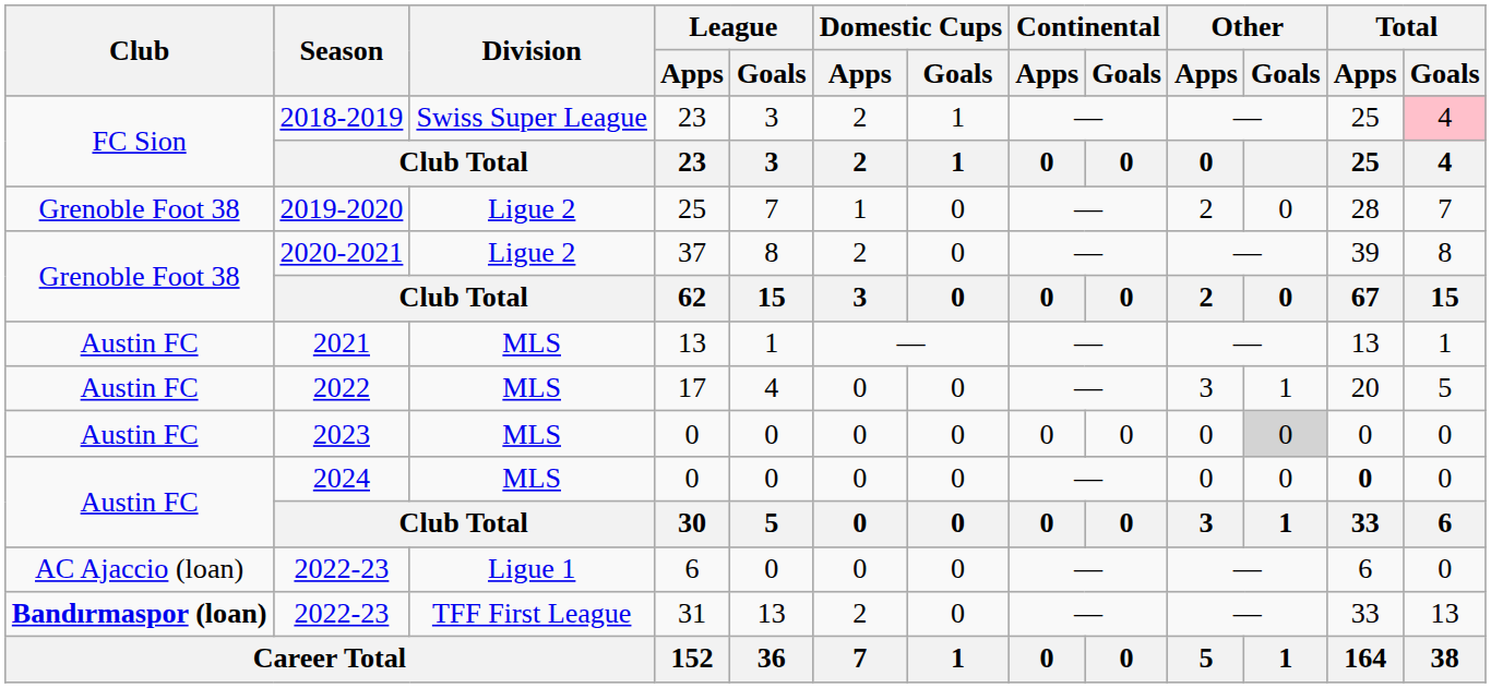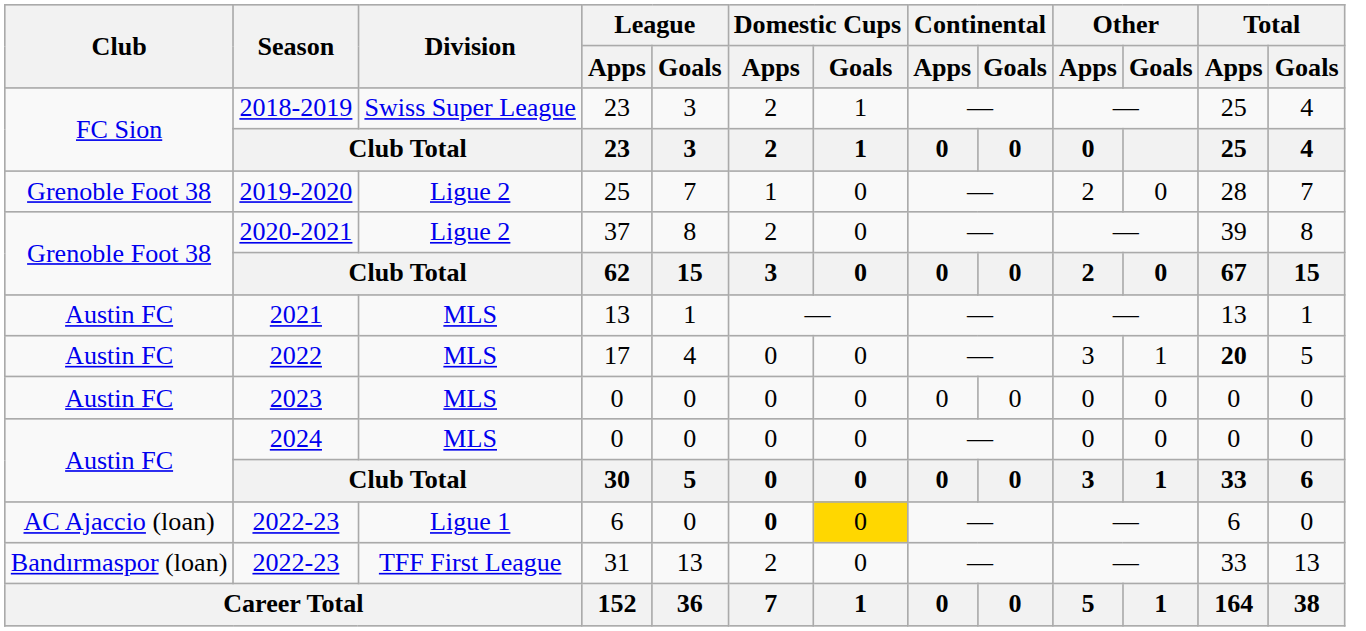 <table class="wikitable" style="text-align:center">
 <tr>
 <th rowspan="2">Club</th>
 <th rowspan="2">Season</th>
 <th rowspan="2">Division</th>
 <th colspan="2">League</th>
 <th colspan="2">Domestic Cups</th>
 <th colspan="2">Continental</th>
 <th colspan="2">Other</th>
 <th colspan="2">Total</th>
 </tr>
 <tr>
 <th>Apps</th>
 <th>Goals</th>
 <th>Apps</th>
 <th>Goals</th>
 <th>Apps</th>
 <th>Goals</th>
 <th>Apps</th>
 <th>Goals</th>
 <th>Apps</th>
 <th>Goals</th>
 </tr>
 <tr>
 <td rowspan=2><a href='#'>FC Sion</a></td>
 <td><a href='#'>2018-2019</a></td>
 <td><a href='#'>Swiss Super League</a></td>
 <td>23</td>
 <td>3</td>
 <td>2</td>
 <td>1</td>
 <td colspan=2>—</td>
 <td colspan=2>—</td>
 <td>25</td>
-<td style="background: pink;">4</td>
+<td>4</td>
 </tr>
 <tr>
 <th colspan=2>Club Total</th>
 <th>23</th>
 <th>3</th>
 <th>2</th>
 <th>1</th>
 <th>0</th>
 <th>0</th>
 <th>0</th>
 <th></th>
 <th>25</th>
 <th>4</th>
 </tr>
 <tr>
 <td><a href='#'>Grenoble Foot 38</a></td>
 <td><a href='#'>2019-2020</a></td>
 <td><a href='#'>Ligue 2</a></td>
 <td>25</td>
 <td>7</td>
 <td>1</td>
 <td>0</td>
 <td colspan=2>—</td>
 <td>2</td>
 <td>0</td>
 <td>28</td>
 <td>7</td>
 </tr>
 <tr>
 <td rowspan=2><a href='#'>Grenoble Foot 38</a></td>
 <td><a href='#'>2020-2021</a></td>
 <td><a href='#'>Ligue 2</a></td>
 <td>37</td>
 <td>8</td>
 <td>2</td>
 <td>0</td>
 <td colspan=2>—</td>
 <td colspan=2>—</td>
 <td>39</td>
 <td>8</td>
 </tr>
 <tr>
 <th colspan=2>Club Total</th>
 <th>62</th>
 <th>15</th>
 <th>3</th>
 <th>0</th>
 <th>0</th>
 <th>0</th>
 <th>2</th>
 <th>0</th>
 <th>67</th>
 <th>15</th>
 </tr>
 <tr>
 <td><a href='#'>Austin FC</a></td>
 <td><a href='#'>2021</a></td>
 <td><a href='#'>MLS</a></td>
 <td>13</td>
 <td>1</td>
 <td colspan=2>—</td>
 <td colspan=2>—</td>
 <td colspan=2>—</td>
 <td>13</td>
 <td>1</td>
 </tr>
 <tr>
 <td><a href='#'>Austin FC</a></td>
 <td><a href='#'>2022</a></td>
 <td><a href='#'>MLS</a></td>
 <td>17</td>
 <td>4</td>
 <td>0</td>
 <td>0</td>
 <td colspan=2>—</td>
 <td>3</td>
 <td>1</td>
-<td>20</td>
+<td><strong>20</strong></td>
 <td>5</td>
 </tr>
 <tr>
 <td><a href='#'>Austin FC</a></td>
 <td><a href='#'>2023</a></td>
 <td><a href='#'>MLS</a></td>
 <td>0</td>
 <td>0</td>
 <td>0</td>
 <td>0</td>
 <td>0</td>
 <td>0</td>
 <td>0</td>
-<td style="background: lightgrey;">0</td>
+<td>0</td>
 <td>0</td>
 <td>0</td>
 </tr>
 <tr>
 <td rowspan=2><a href='#'>Austin FC</a></td>
 <td><a href='#'>2024</a></td>
 <td><a href='#'>MLS</a></td>
 <td>0</td>
 <td>0</td>
 <td>0</td>
 <td>0</td>
 <td colspan=2>—</td>
 <td>0</td>
 <td>0</td>
-<td><strong>0</strong></td>
+<td>0</td>
 <td>0</td>
 </tr>
 <tr>
 <th colspan="2">Club Total</th>
 <th>30</th>
 <th>5</th>
 <th>0</th>
 <th>0</th>
 <th>0</th>
 <th>0</th>
 <th>3</th>
 <th>1</th>
 <th>33</th>
 <th>6</th>
 </tr>
 <tr>
 <td><a href='#'>AC Ajaccio</a> (loan)</td>
 <td><a href='#'>2022-23</a></td>
 <td><a href='#'>Ligue 1</a></td>
 <td>6</td>
 <td>0</td>
-<td>0</td>
-<td>0</td>
+<td><strong>0</strong></td>
+<td style="background: gold;">0</td>
 <td colspan=2>—</td>
 <td colspan=2>—</td>
 <td>6</td>
 <td>0</td>
 </tr>
 <tr>
-<td><strong><a href='#'>Bandırmaspor</a> (loan)</strong></td>
+<td><a href='#'>Bandırmaspor</a> (loan)</td>
 <td><a href='#'>2022-23</a></td>
 <td><a href='#'>TFF First League</a></td>
 <td>31</td>
 <td>13</td>
 <td>2</td>
 <td>0</td>
 <td colspan=2>—</td>
 <td colspan=2>—</td>
 <td>33</td>
 <td>13</td>
 </tr>
 <tr>
 <th colspan="3">Career Total</th>
 <th>152</th>
 <th>36</th>
 <th>7</th>
 <th>1</th>
 <th>0</th>
 <th>0</th>
 <th>5</th>
 <th>1</th>
 <th>164</th>
 <th>38</th>
 </tr>
 </table>
